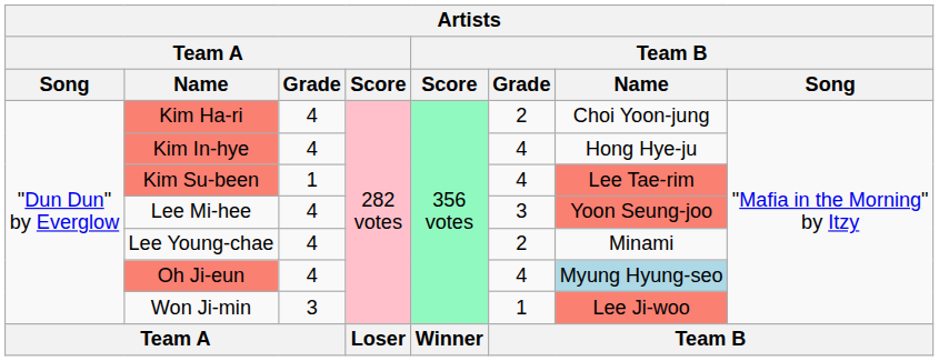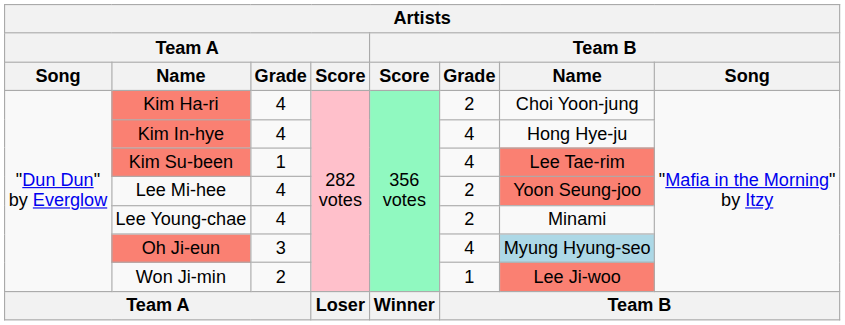 <table class="wikitable" style="text-align: center">
 <tr>
 <th colspan="8">Artists</th>
 </tr>
 <tr>
 <th colspan="4">Team A</th>
 <th colspan="4">Team B</th>
 </tr>
 <tr>
 <th>Song</th>
 <th>Name</th>
 <th>Grade</th>
 <th>Score</th>
 <th>Score</th>
 <th>Grade</th>
 <th>Name</th>
 <th>Song</th>
 </tr>
 <tr>
 <td rowspan="7">"<a href='#'>Dun Dun</a>"<br>by <a href='#'>Everglow</a></td>
 <td style="background:salmon;">Kim Ha-ri</td>
 <td>4</td>
 <td rowspan="7" style="background:pink;">282<br>votes</td>
 <td rowspan="7" style="background:#90F9C0;">356<br>votes</td>
 <td>2</td>
 <td>Choi Yoon-jung</td>
 <td rowspan="7">"<a href='#'>Mafia in the Morning</a>"<br>by <a href='#'>Itzy</a></td>
 </tr>
 <tr>
 <td style="background:salmon;">Kim In-hye</td>
 <td>4</td>
 <td>4</td>
 <td>Hong Hye-ju</td>
 </tr>
 <tr>
 <td style="background:salmon;">Kim Su-been</td>
 <td>1</td>
 <td>4</td>
 <td style="background:salmon;">Lee Tae-rim</td>
 </tr>
 <tr>
 <td>Lee Mi-hee</td>
 <td>4</td>
-<td>3</td>
+<td>2</td>
 <td style="background:salmon;">Yoon Seung-joo</td>
 </tr>
 <tr>
 <td>Lee Young-chae</td>
 <td>4</td>
 <td>2</td>
 <td>Minami</td>
 </tr>
 <tr>
 <td style="background:salmon;">Oh Ji-eun</td>
-<td>4</td>
+<td>3</td>
 <td>4</td>
 <td style="background: lightblue;">Myung Hyung-seo</td>
 </tr>
 <tr>
 <td>Won Ji-min</td>
-<td>3</td>
+<td>2</td>
 <td>1</td>
 <td style="background:salmon;">Lee Ji-woo</td>
 </tr>
 <tr>
 <th colspan="3">Team A</th>
 <th>Loser</th>
 <th>Winner</th>
 <th colspan="3">Team B</th>
 </tr>
 </table>
